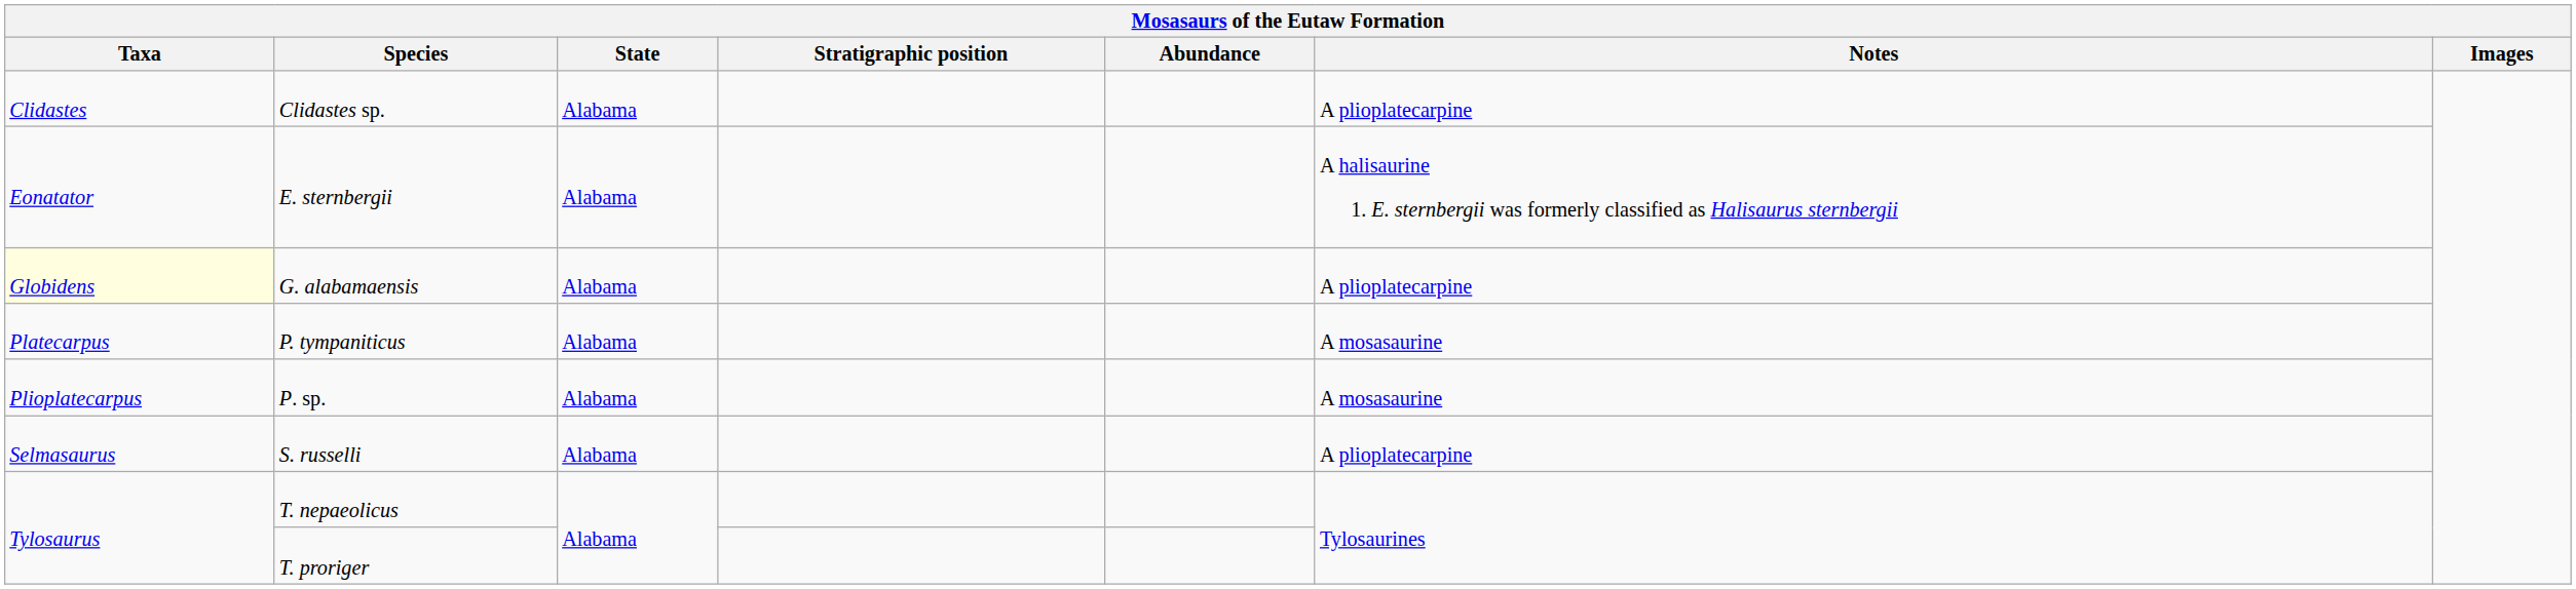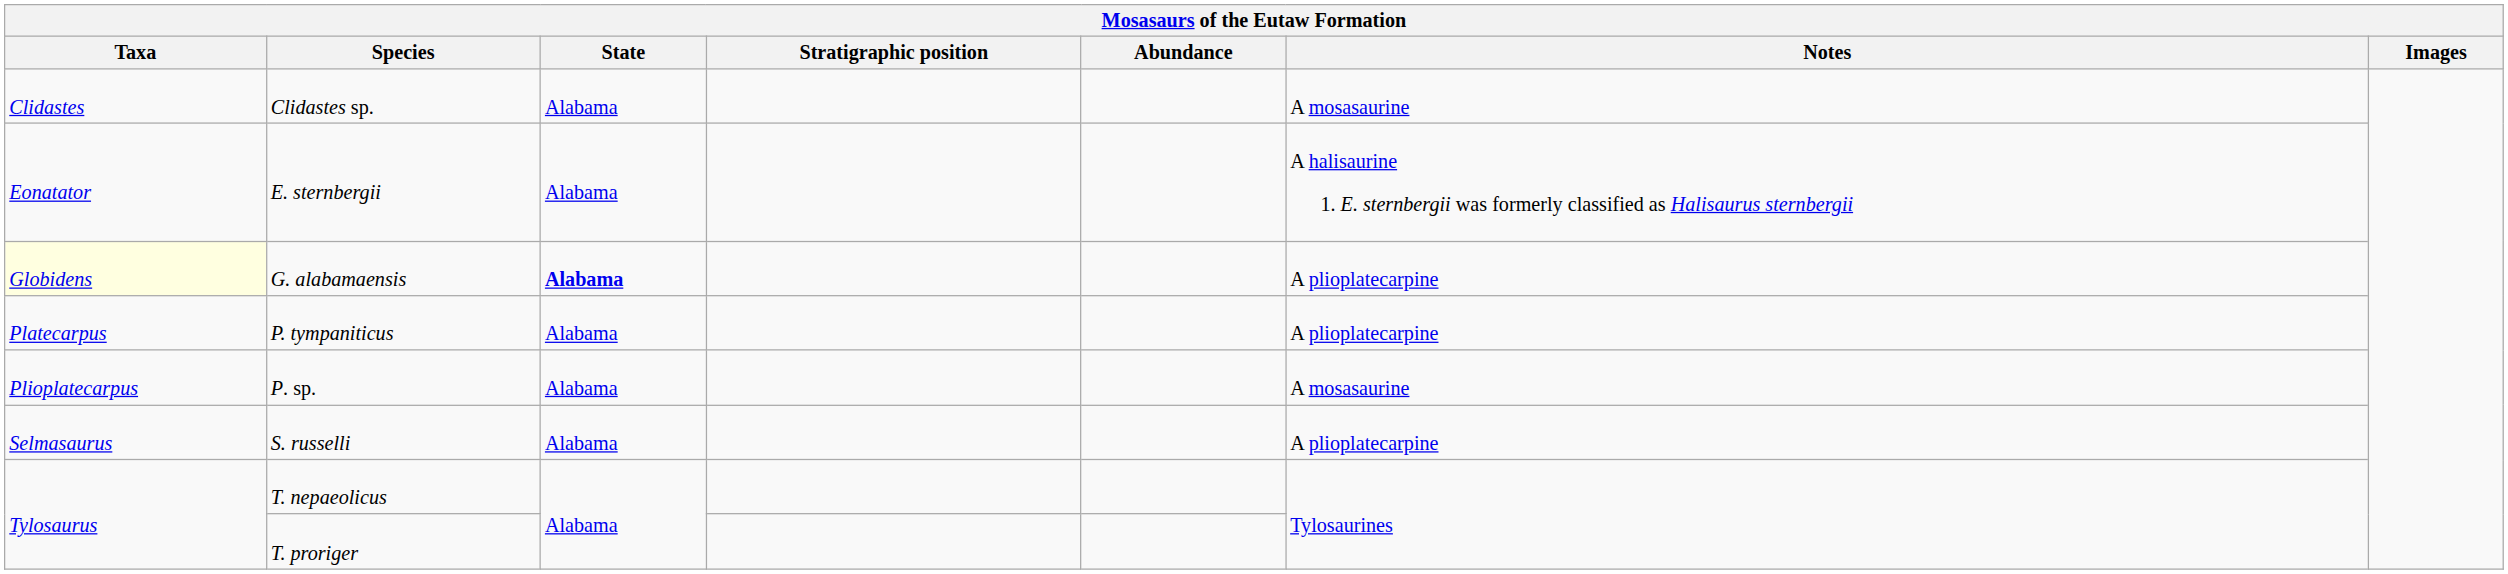 <table class="wikitable" align="center" width="100%">
 <tr>
 <th colspan="7" align="center"><strong><a href='#'>Mosasaurs</a> of the Eutaw Formation</strong></th>
 </tr>
 <tr>
 <th>Taxa</th>
 <th>Species</th>
 <th>State</th>
 <th>Stratigraphic position</th>
 <th>Abundance</th>
 <th>Notes</th>
 <th>Images</th>
 </tr>
 <tr>
 <td><br><em><a href='#'>Clidastes</a></em></td>
 <td><br><em>Clidastes</em> sp.</td>
 <td><br><a href='#'>Alabama</a></td>
 <td></td>
 <td></td>
-<td><br>A <a href='#'>plioplatecarpine</a></td>
+<td><br>A <a href='#'>mosasaurine</a></td>
 <td rowspan="99"><br>  </td>
 </tr>
 <tr>
 <td><br><em><a href='#'>Eonatator</a></em></td>
 <td><br><em>E. sternbergii</em></td>
 <td><br><a href='#'>Alabama</a></td>
 <td></td>
 <td></td>
 <td><br>A <a href='#'>halisaurine</a><ol><li><em>E. sternbergii</em> was formerly classified as <em><a href='#'>Halisaurus sternbergii</a></em></li></ol></td>
 </tr>
 <tr>
 <td style="background: lightyellow;"><br><em><a href='#'>Globidens</a></em></td>
 <td><br><em>G. alabamaensis</em></td>
-<td><br><a href='#'>Alabama</a></td>
+<td><strong><br><a href='#'>Alabama</a></strong></td>
 <td></td>
 <td></td>
 <td><br>A <a href='#'>plioplatecarpine</a></td>
 </tr>
 <tr>
 <td><br><em><a href='#'>Platecarpus</a></em></td>
 <td><br><em>P. tympaniticus</em></td>
 <td><br><a href='#'>Alabama</a></td>
 <td></td>
 <td></td>
-<td><br>A <a href='#'>mosasaurine</a></td>
+<td><br>A <a href='#'>plioplatecarpine</a></td>
 </tr>
 <tr>
 <td><br><em><a href='#'>Plioplatecarpus</a></em></td>
 <td><br><em>P</em>. sp.</td>
 <td><br><a href='#'>Alabama</a></td>
 <td></td>
 <td></td>
 <td><br>A <a href='#'>mosasaurine</a></td>
 </tr>
 <tr>
 <td><br><em><a href='#'>Selmasaurus</a></em></td>
 <td><br><em>S. russelli</em></td>
 <td><br><a href='#'>Alabama</a></td>
 <td></td>
 <td></td>
 <td><br>A <a href='#'>plioplatecarpine</a></td>
 </tr>
 <tr>
 <td rowspan="2"><br><em><a href='#'>Tylosaurus</a></em></td>
 <td><br><em>T. nepaeolicus</em></td>
 <td rowspan="2"><br><a href='#'>Alabama</a></td>
 <td></td>
 <td></td>
 <td rowspan="2"><br><a href='#'>Tylosaurines</a></td>
 </tr>
 <tr>
 <td><br><em>T. proriger</em></td>
 <td></td>
 <td></td>
 </tr>
 </table>
